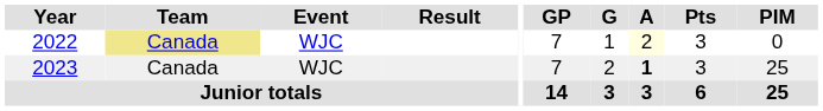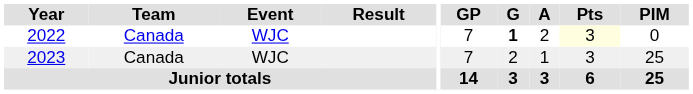 <table border="0" cellpadding="1" cellspacing="0" ID="Table3" style="text-align:center; width:40em">
 <tr ALIGN="center" bgcolor="#e0e0e0">
 <th>Year</th>
 <th>Team</th>
 <th>Event</th>
 <th>Result</th>
 <th rowspan="99" bgcolor="#ffffff"></th>
 <th>GP</th>
 <th>G</th>
 <th>A</th>
 <th>Pts</th>
 <th>PIM</th>
 </tr>
 <tr>
 <td><a href='#'>2022</a></td>
-<td style="background: khaki;"><a href='#'>Canada</a></td>
+<td><a href='#'>Canada</a></td>
 <td><a href='#'>WJC</a></td>
 <td></td>
 <td>7</td>
-<td>1</td>
-<td style="background: lightyellow;">2</td>
-<td>3</td>
+<td><strong>1</strong></td>
+<td>2</td>
+<td style="background: lightyellow;">3</td>
 <td>0</td>
 </tr>
 <tr style="background:#f0f0f0;">
 <td><a href='#'>2023</a></td>
 <td>Canada</td>
 <td>WJC</td>
 <td></td>
 <td>7</td>
 <td>2</td>
-<td><strong>1</strong></td>
+<td>1</td>
 <td>3</td>
 <td>25</td>
 </tr>
 <tr bgcolor="#e0e0e0">
 <th colspan="4">Junior totals</th>
 <th>14</th>
 <th>3</th>
 <th>3</th>
 <th>6</th>
 <th>25</th>
 </tr>
 </table>
